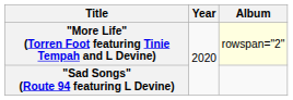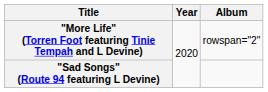 <table class="wikitable plainrowheaders" style="text-align:center;" border="1">
 <tr>
 <th scope="col" rowspan="1" style="width:16em;">Title</th>
 <th scope="col" rowspan="1" style="width:1em;">Year</th>
 <th scope="col" rowspan="1">Album</th>
 </tr>
 <tr>
 <th scope="row">"More Life" <br><span>(<a href='#'>Torren Foot</a> featuring <a href='#'>Tinie Tempah</a> and L Devine)</span></th>
 <td rowspan="2">2020</td>
-<td style="background: lightyellow;">rowspan="2" </td>
+<td>rowspan="2" </td>
 </tr>
 <tr>
 <th scope="row">"Sad Songs" <br><span>(<a href='#'>Route 94</a> featuring L Devine)</span></th>
 </tr>
 </table>
